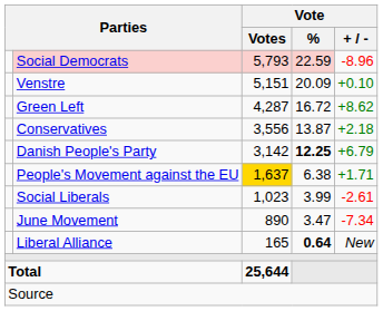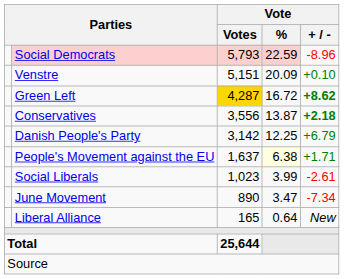 <table class="wikitable" style="text-align:right;">
 <tr>
 <th style="text-align:centre;" rowspan="2" colspan="2" width="225">Parties</th>
 <th colspan="3">Vote</th>
 </tr>
 <tr>
 <th width="15">Votes</th>
 <th width="15">%</th>
 <th width="15">+ / -</th>
 </tr>
 <tr>
 <td width="2" style="color:inherit;background:"></td>
 <td bgcolor=#fbd0ce   align="left"><a href='#'>Social Democrats</a></td>
 <td bgcolor=#fbd0ce>5,793</td>
 <td bgcolor=#fbd0ce>22.59</td>
 <td style=color:red;>-8.96</td>
 </tr>
 <tr>
 <td width="2" style="color:inherit;background:"></td>
 <td align="left"><a href='#'>Venstre</a></td>
 <td>5,151</td>
 <td>20.09</td>
 <td style=color:green;>+0.10</td>
 </tr>
 <tr>
 <td width="2" style="color:inherit;background:"></td>
 <td align="left"><a href='#'>Green Left</a></td>
-<td>4,287</td>
+<td style="background: gold;">4,287</td>
 <td>16.72</td>
-<td style=color:green;>+8.62</td>
+<td style=color:green;><strong>+8.62</strong></td>
 </tr>
 <tr>
 <td width="2" style="color:inherit;background:"></td>
 <td align="left"><a href='#'>Conservatives</a></td>
 <td>3,556</td>
 <td>13.87</td>
-<td style=color:green;>+2.18</td>
+<td style=color:green;><strong>+2.18</strong></td>
 </tr>
 <tr>
 <td width="2" style="color:inherit;background:"></td>
 <td align="left"><a href='#'>Danish People's Party</a></td>
 <td>3,142</td>
-<td><strong>12.25</strong></td>
+<td>12.25</td>
 <td style=color:green;>+6.79</td>
 </tr>
 <tr>
 <td width="2" style="color:inherit;background:"></td>
 <td align="left"><a href='#'>People's Movement against the EU</a></td>
-<td style="background: gold;">1,637</td>
-<td>6.38</td>
+<td>1,637</td>
+<td style="background: lightyellow;">6.38</td>
 <td style=color:green;>+1.71</td>
 </tr>
 <tr>
 <td width="2" style="color:inherit;background:"></td>
 <td align="left"><a href='#'>Social Liberals</a></td>
 <td>1,023</td>
 <td>3.99</td>
 <td style=color:red;>-2.61</td>
 </tr>
 <tr>
 <td width="2" style="color:inherit;background:"></td>
 <td align="left"><a href='#'>June Movement</a></td>
 <td>890</td>
 <td>3.47</td>
 <td style=color:red;>-7.34</td>
 </tr>
 <tr>
 <td width="2" style="color:inherit;background:"></td>
 <td align="left"><a href='#'>Liberal Alliance</a></td>
 <td>165</td>
-<td><strong>0.64</strong></td>
+<td>0.64</td>
 <td><em>New</em></td>
 </tr>
 <tr>
 <td colspan="7" bgcolor="#E9E9E9"></td>
 </tr>
 <tr>
 <td align="left" colspan="2"><strong>Total</strong></td>
 <td><strong>25,644</strong></td>
 <td bgcolor="#E9E9E9" colspan="2"></td>
 </tr>
 <tr>
 <td align="left" colspan="6">Source</td>
 </tr>
 </table>
